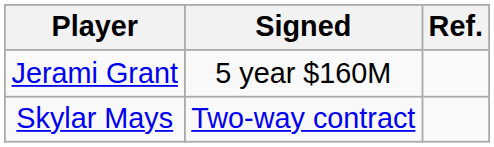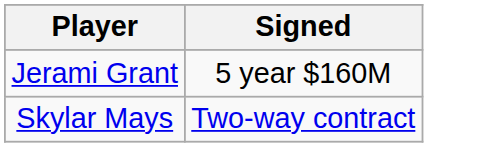 <table class="wikitable sortable sortable" style="text-align: center">
 <tr>
 <th>Player</th>
 <th>Signed</th>
-<th>Ref.</th>
 </tr>
 <tr>
 <td><a href='#'>Jerami Grant</a></td>
 <td>5 year $160M</td>
-<td></td>
 </tr>
 <tr>
 <td><a href='#'>Skylar Mays</a></td>
 <td><a href='#'>Two-way contract</a></td>
-<td></td>
 </tr>
 </table>
